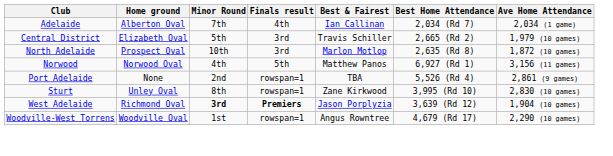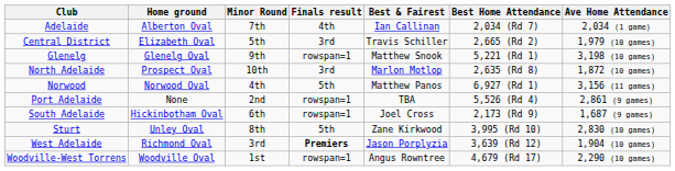 <table class="wikitable sortable">
 <tr align=center>
 <th>Club</th>
 <th>Home ground</th>
 <th>Minor Round</th>
 <th>Finals result</th>
 <th>Best & Fairest</th>
 <th>Best Home Attendance</th>
 <th>Ave Home Attendance</th>
 </tr>
 <tr align=center>
 <td><a href='#'>Adelaide</a></td>
 <td><a href='#'>Alberton Oval</a></td>
 <td>7th</td>
 <td>4th</td>
 <td><a href='#'>Ian Callinan</a></td>
 <td>2,034 (Rd 7)</td>
 <td>2,034 <small>(1 game)</small></td>
 </tr>
 <tr align=center>
 <td><a href='#'>Central District</a></td>
 <td><a href='#'>Elizabeth Oval</a></td>
 <td>5th</td>
 <td>3rd</td>
 <td>Travis Schiller</td>
 <td>2,665 (Rd 2)</td>
 <td>1,979 <small>(10 games)</small></td>
 </tr>
 <tr align=center>
+<td><a href='#'>Glenelg</a></td>
+<td><a href='#'>Glenelg Oval</a></td>
+<td>9th</td>
+<td>rowspan=1 </td>
+<td>Matthew Snook</td>
+<td>5,221 (Rd 1)</td>
+<td>3,198 <small>(10 games)</small></td>
+</tr>
+<tr align=center>
 <td><a href='#'>North Adelaide</a></td>
 <td><a href='#'>Prospect Oval</a></td>
 <td>10th</td>
 <td>3rd</td>
 <td><a href='#'>Marlon Motlop</a></td>
 <td>2,635 (Rd 8)</td>
 <td>1,872 <small>(10 games)</small></td>
 </tr>
 <tr align=center>
 <td><a href='#'>Norwood</a></td>
 <td><a href='#'>Norwood Oval</a></td>
 <td>4th</td>
 <td>5th</td>
 <td>Matthew Panos</td>
 <td>6,927 (Rd 1)</td>
 <td>3,156 <small>(11 games)</small></td>
 </tr>
 <tr align=center>
 <td><a href='#'>Port Adelaide</a></td>
 <td>None</td>
 <td>2nd</td>
 <td>rowspan=1 </td>
 <td>TBA</td>
 <td>5,526 (Rd 4)</td>
 <td>2,861 <small>(9 games)</small></td>
 </tr>
 <tr align=center>
+<td><a href='#'>South Adelaide</a></td>
+<td><a href='#'>Hickinbotham Oval</a></td>
+<td>6th</td>
+<td>rowspan=1 </td>
+<td>Joel Cross</td>
+<td>2,173 (Rd 9)</td>
+<td>1,687 <small>(9 games)</small></td>
+</tr>
+<tr align=center>
 <td><a href='#'>Sturt</a></td>
 <td><a href='#'>Unley Oval</a></td>
 <td>8th</td>
-<td>rowspan=1 </td>
+<td>5th</td>
 <td>Zane Kirkwood</td>
 <td>3,995 (Rd 10)</td>
 <td>2,830 <small>(10 games)</small></td>
 </tr>
 <tr align=center>
 <td><a href='#'>West Adelaide</a></td>
 <td><a href='#'>Richmond Oval</a></td>
-<td><strong>3rd</strong></td>
+<td>3rd</td>
 <td><strong>Premiers</strong></td>
 <td><a href='#'>Jason Porplyzia</a></td>
 <td>3,639 (Rd 12)</td>
 <td>1,904 <small>(10 games)</small></td>
 </tr>
 <tr align=center>
 <td><a href='#'>Woodville-West Torrens</a></td>
 <td><a href='#'>Woodville Oval</a></td>
 <td>1st</td>
 <td>rowspan=1 </td>
 <td>Angus Rowntree</td>
 <td>4,679 (Rd 17)</td>
 <td>2,290 <small>(10 games)</small></td>
 </tr>
 </table>
